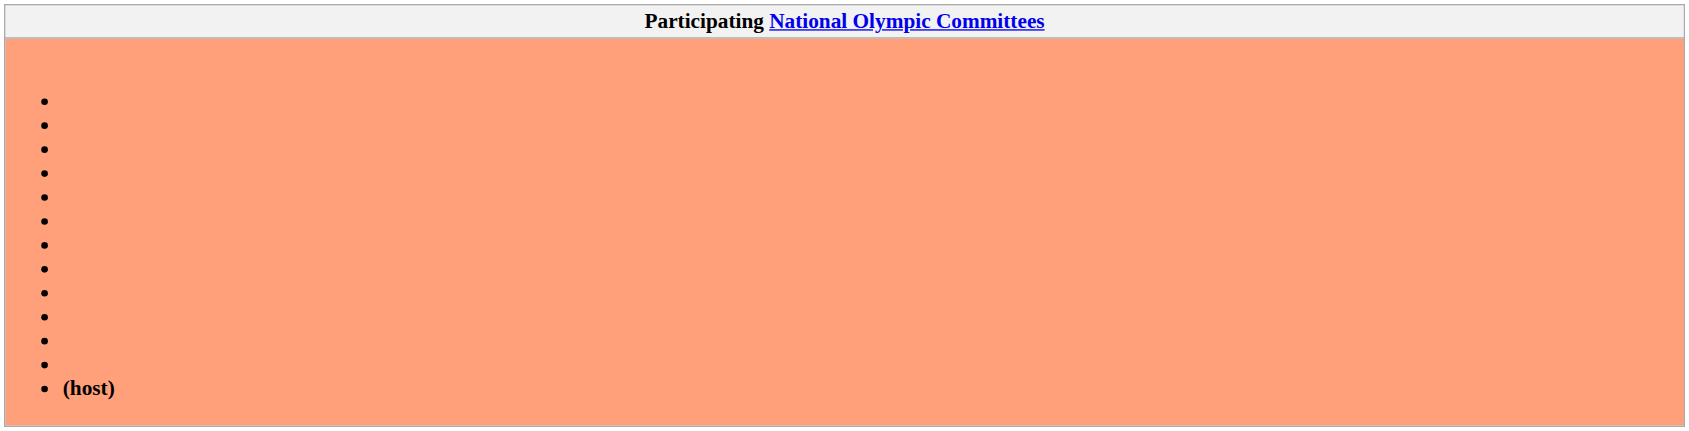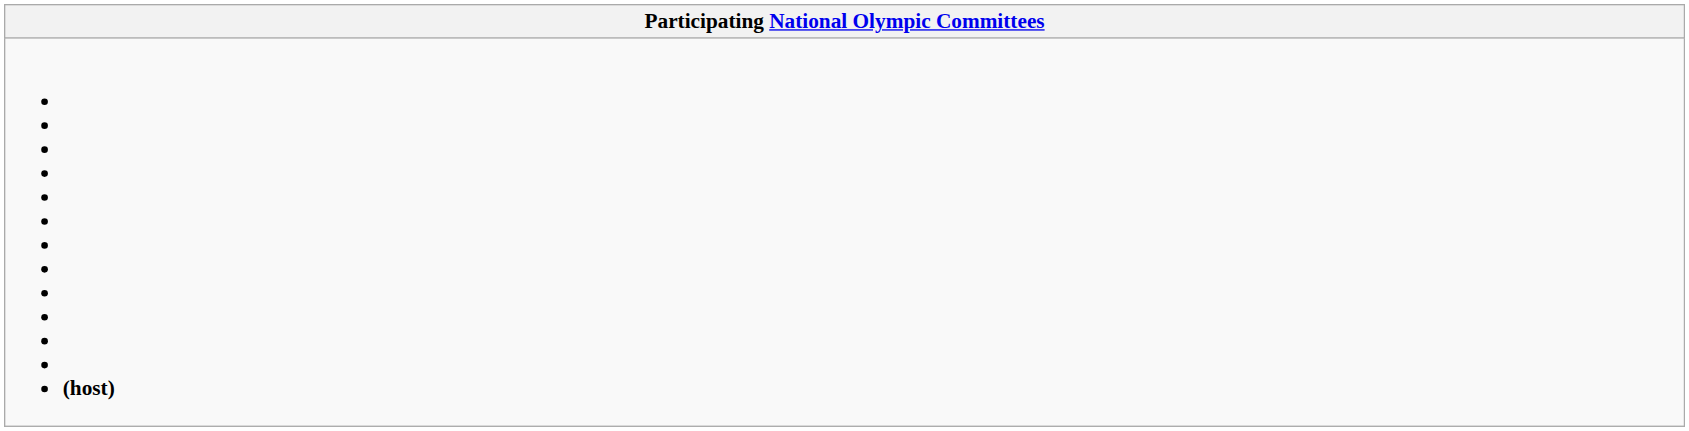 <table class="wikitable collapsible" style="width:100%;">
 <tr>
 <th>Participating <a href='#'>National Olympic Committees</a></th>
 </tr>
 <tr>
-<td style="background: lightsalmon;"><br><ul><li></li><li></li><li></li><li></li><li></li><li></li><li></li><li></li><li></li><li></li><li></li><li></li><li> <strong>(host)</strong></li></ul></td>
+<td><br><ul><li></li><li></li><li></li><li></li><li></li><li></li><li></li><li></li><li></li><li></li><li></li><li></li><li> <strong>(host)</strong></li></ul></td>
 </tr>
 </table>
